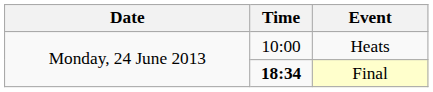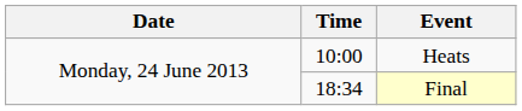 <table class = "wikitable" style="text-align:center;">
 <tr>
 <th width=220>Date</th>
 <th width=50>Time</th>
 <th width=100>Event</th>
 </tr>
 <tr>
 <td rowspan=2>Monday, 24 June 2013</td>
 <td>10:00</td>
 <td>Heats</td>
 </tr>
 <tr>
-<td><strong>18:34</strong></td>
+<td>18:34</td>
 <td bgcolor=ffffcc>Final</td>
 </tr>
 </table>
